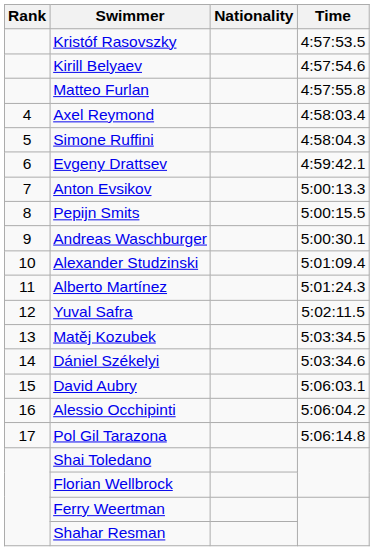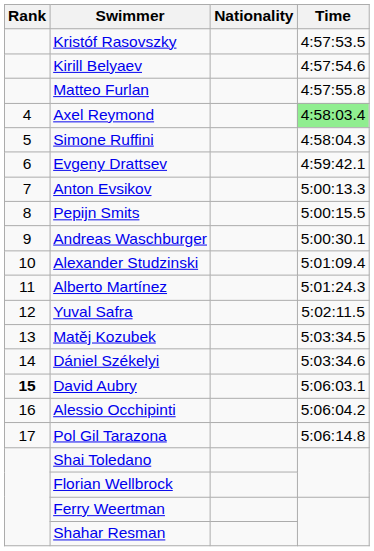 <table class="wikitable sortable" border="1" style="text-align:center">
 <tr>
 <th>Rank</th>
 <th>Swimmer</th>
 <th>Nationality</th>
 <th>Time</th>
 </tr>
 <tr>
 <td></td>
 <td align=left><a href='#'>Kristóf Rasovszky</a></td>
 <td align=left></td>
 <td>4:57:53.5</td>
 </tr>
 <tr>
 <td></td>
 <td align=left><a href='#'>Kirill Belyaev</a></td>
 <td align=left></td>
 <td>4:57:54.6</td>
 </tr>
 <tr>
 <td></td>
 <td align=left><a href='#'>Matteo Furlan</a></td>
 <td align=left></td>
 <td>4:57:55.8</td>
 </tr>
 <tr>
 <td>4</td>
 <td align=left><a href='#'>Axel Reymond</a></td>
 <td align=left></td>
-<td>4:58:03.4</td>
+<td style="background: lightgreen;">4:58:03.4</td>
 </tr>
 <tr>
 <td>5</td>
 <td align=left><a href='#'>Simone Ruffini</a></td>
 <td align=left></td>
 <td>4:58:04.3</td>
 </tr>
 <tr>
 <td>6</td>
 <td align=left><a href='#'>Evgeny Drattsev</a></td>
 <td align=left></td>
 <td>4:59:42.1</td>
 </tr>
 <tr>
 <td>7</td>
 <td align=left><a href='#'>Anton Evsikov</a></td>
 <td align=left></td>
 <td>5:00:13.3</td>
 </tr>
 <tr>
 <td>8</td>
 <td align=left><a href='#'>Pepijn Smits</a></td>
 <td align=left></td>
 <td>5:00:15.5</td>
 </tr>
 <tr>
 <td>9</td>
 <td align=left><a href='#'>Andreas Waschburger</a></td>
 <td align=left></td>
 <td>5:00:30.1</td>
 </tr>
 <tr>
 <td>10</td>
 <td align=left><a href='#'>Alexander Studzinski</a></td>
 <td align=left></td>
 <td>5:01:09.4</td>
 </tr>
 <tr>
 <td>11</td>
 <td align=left><a href='#'>Alberto Martínez</a></td>
 <td align=left></td>
 <td>5:01:24.3</td>
 </tr>
 <tr>
 <td>12</td>
 <td align=left><a href='#'>Yuval Safra</a></td>
 <td align=left></td>
 <td>5:02:11.5</td>
 </tr>
 <tr>
 <td>13</td>
 <td align=left><a href='#'>Matěj Kozubek</a></td>
 <td align=left></td>
 <td>5:03:34.5</td>
 </tr>
 <tr>
 <td>14</td>
 <td align=left><a href='#'>Dániel Székelyi</a></td>
 <td align=left></td>
 <td>5:03:34.6</td>
 </tr>
 <tr>
-<td>15</td>
+<td><strong>15</strong></td>
 <td align=left><a href='#'>David Aubry</a></td>
 <td align=left></td>
 <td>5:06:03.1</td>
 </tr>
 <tr>
 <td>16</td>
 <td align=left><a href='#'>Alessio Occhipinti</a></td>
 <td align=left></td>
 <td>5:06:04.2</td>
 </tr>
 <tr>
 <td>17</td>
 <td align=left><a href='#'>Pol Gil Tarazona</a></td>
 <td align=left></td>
 <td>5:06:14.8</td>
 </tr>
 <tr>
 <td rowspan=4></td>
 <td align=left><a href='#'>Shai Toledano</a></td>
 <td align=left></td>
 <td rowspan=2></td>
 </tr>
 <tr>
 <td align=left><a href='#'>Florian Wellbrock</a></td>
 <td align=left></td>
 </tr>
 <tr>
 <td align=left><a href='#'>Ferry Weertman</a></td>
 <td align=left></td>
 <td rowspan=2></td>
 </tr>
 <tr>
 <td align=left><a href='#'>Shahar Resman</a></td>
 <td align=left></td>
 </tr>
 </table>
